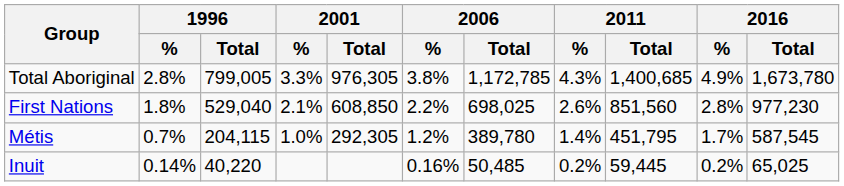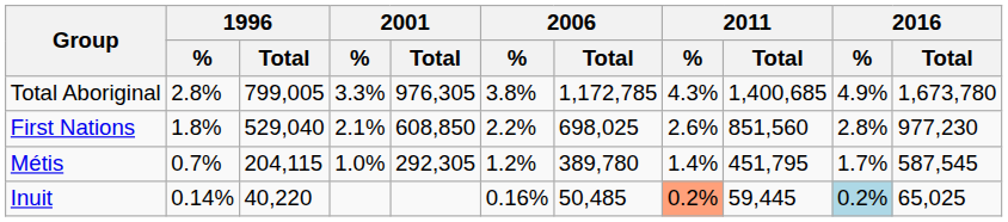 <table class="wikitable">
 <tr>
 <th rowspan="2">Group</th>
 <th colspan="2">1996</th>
 <th colspan="2">2001</th>
 <th colspan="2">2006</th>
 <th colspan="2">2011</th>
 <th colspan="2">2016</th>
 </tr>
 <tr>
 <th>%</th>
 <th>Total</th>
 <th>%</th>
 <th>Total</th>
 <th>%</th>
 <th>Total</th>
 <th>%</th>
 <th>Total</th>
 <th>%</th>
 <th>Total</th>
 </tr>
 <tr>
 <td align="left">Total Aboriginal</td>
 <td>2.8%</td>
 <td>799,005</td>
 <td>3.3%</td>
 <td>976,305</td>
 <td>3.8%</td>
 <td>1,172,785</td>
 <td>4.3%</td>
 <td>1,400,685</td>
 <td>4.9%</td>
 <td>1,673,780</td>
 </tr>
 <tr>
 <td align="left"><a href='#'>First Nations</a></td>
 <td>1.8%</td>
 <td>529,040</td>
 <td>2.1%</td>
 <td>608,850</td>
 <td>2.2%</td>
 <td>698,025</td>
 <td>2.6%</td>
 <td>851,560</td>
 <td>2.8%</td>
 <td>977,230</td>
 </tr>
 <tr>
 <td align="left"><a href='#'>Métis</a></td>
 <td>0.7%</td>
 <td>204,115</td>
 <td>1.0%</td>
 <td>292,305</td>
 <td>1.2%</td>
 <td>389,780</td>
 <td>1.4%</td>
 <td>451,795</td>
 <td>1.7%</td>
 <td>587,545</td>
 </tr>
 <tr>
 <td align="left"><a href='#'>Inuit</a></td>
 <td>0.14%</td>
 <td>40,220</td>
 <td></td>
 <td></td>
 <td>0.16%</td>
 <td>50,485</td>
-<td>0.2%</td>
+<td style="background: lightsalmon;">0.2%</td>
 <td>59,445</td>
-<td>0.2%</td>
+<td style="background: lightblue;">0.2%</td>
 <td>65,025</td>
 </tr>
 </table>
